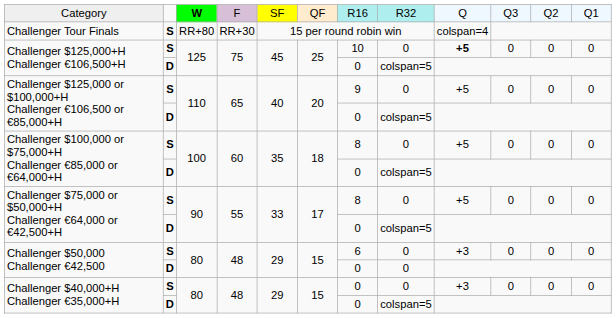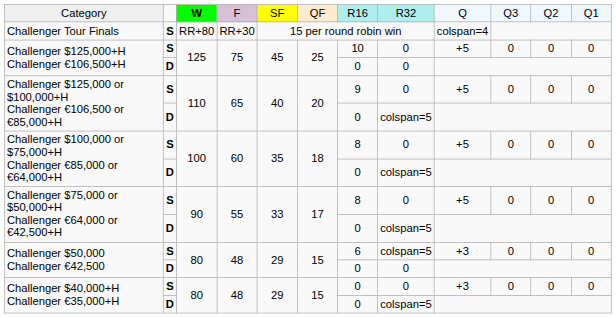 <table class="wikitable" style=text-align:center;>
 <tr>
 <td bgcolor=#efefef>Category</td>
 <td></td>
 <td width=50 bgcolor=lime><strong>W</strong></td>
 <td width=50 bgcolor=#D8BFD8>F</td>
 <td width=50 bgcolor=#FFFF00>SF</td>
 <td width=50 bgcolor=#ffebcd>QF</td>
 <td width=50 bgcolor=#afeeee>R16</td>
 <td width=50 bgcolor=#afeeee>R32</td>
 <td width=50 bgcolor=#F0F8FF>Q</td>
 <td width=50 bgcolor=#F0F8FF>Q3</td>
 <td width=50 bgcolor=#F0F8FF>Q2</td>
 <td width=50 bgcolor=#F0F8FF>Q1</td>
 </tr>
 <tr>
 <td align=left>Challenger Tour Finals</td>
 <td><strong>S</strong></td>
 <td>RR+80</td>
 <td>RR+30</td>
 <td colspan=4 align=center>15 per round robin win</td>
 <td>colspan=4 </td>
 </tr>
 <tr>
 <td align=left rowspan=2>Challenger $125,000+H<br>Challenger €106,500+H</td>
 <td><strong>S </strong></td>
 <td rowspan=2>125</td>
 <td rowspan=2>75</td>
 <td rowspan=2>45</td>
 <td rowspan=2>25</td>
 <td>10</td>
 <td>0</td>
-<td><strong>+5</strong></td>
+<td>+5</td>
 <td>0</td>
 <td>0</td>
 <td>0</td>
 </tr>
 <tr>
 <td><strong>D </strong></td>
 <td>0</td>
-<td>colspan=5 </td>
+<td>0</td>
 </tr>
 <tr>
 <td align=left  rowspan=2>Challenger $125,000 or $100,000+H<br>Challenger €106,500 or €85,000+H</td>
 <td><strong>S </strong></td>
 <td rowspan=2>110</td>
 <td rowspan=2>65</td>
 <td rowspan=2>40</td>
 <td rowspan=2>20</td>
 <td>9</td>
 <td>0</td>
 <td>+5</td>
 <td>0</td>
 <td>0</td>
 <td>0</td>
 </tr>
 <tr>
 <td><strong>D </strong></td>
 <td>0</td>
 <td>colspan=5 </td>
 </tr>
 <tr>
 <td align=left rowspan=2>Challenger $100,000 or $75,000+H<br>Challenger €85,000 or €64,000+H</td>
 <td><strong>S </strong></td>
 <td rowspan=2>100</td>
 <td rowspan=2>60</td>
 <td rowspan=2>35</td>
 <td rowspan=2>18</td>
 <td>8</td>
 <td>0</td>
 <td>+5</td>
 <td>0</td>
 <td>0</td>
 <td>0</td>
 </tr>
 <tr>
 <td><strong>D </strong></td>
 <td>0</td>
 <td>colspan=5 </td>
 </tr>
 <tr>
 <td align=left rowspan=2>Challenger $75,000 or $50,000+H<br>Challenger €64,000 or €42,500+H</td>
 <td><strong>S </strong></td>
 <td rowspan=2>90</td>
 <td rowspan=2>55</td>
 <td rowspan=2>33</td>
 <td rowspan=2>17</td>
 <td>8</td>
 <td>0</td>
 <td>+5</td>
 <td>0</td>
 <td>0</td>
 <td>0</td>
 </tr>
 <tr>
 <td><strong>D </strong></td>
 <td>0</td>
 <td>colspan=5 </td>
 </tr>
 <tr>
 <td align=left rowspan=2>Challenger $50,000<br>Challenger €42,500</td>
 <td><strong>S </strong></td>
 <td rowspan=2>80</td>
 <td rowspan=2>48</td>
 <td rowspan=2>29</td>
 <td rowspan=2>15</td>
 <td>6</td>
-<td>0</td>
+<td>colspan=5 </td>
 <td>+3</td>
 <td>0</td>
 <td>0</td>
 <td>0</td>
 </tr>
 <tr>
 <td><strong>D </strong></td>
 <td>0</td>
 <td>0</td>
 </tr>
 <tr>
 <td align=left rowspan=2>Challenger $40,000+H<br>Challenger €35,000+H</td>
 <td><strong>S </strong></td>
 <td rowspan=2>80</td>
 <td rowspan=2>48</td>
 <td rowspan=2>29</td>
 <td rowspan=2>15</td>
 <td>0</td>
 <td>0</td>
 <td>+3</td>
 <td>0</td>
 <td>0</td>
 <td>0</td>
 </tr>
 <tr>
 <td><strong>D </strong></td>
 <td>0</td>
 <td>colspan=5 </td>
 </tr>
 </table>
